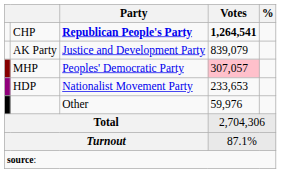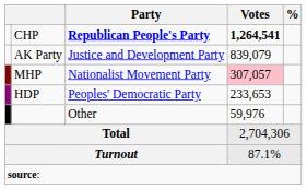 <table class="wikitable">
 <tr>
 <th colspan="2" align="center"></th>
 <th align="center">Party</th>
 <th align="center">Votes</th>
 <th align="center">%</th>
 </tr>
 <tr align="left">
 <td></td>
 <td>CHP</td>
 <td><strong><a href='#'>Republican People's Party</a></strong></td>
 <td><strong>1,264,541</strong></td>
 <td><strong></strong></td>
 </tr>
 <tr align="left">
 <td></td>
 <td>AK Party</td>
 <td><a href='#'>Justice and Development Party</a></td>
 <td>839,079</td>
 <td></td>
 </tr>
 <tr align="left">
 <td bgcolor="#870000" width="1"></td>
 <td>MHP</td>
-<td><a href='#'>Peoples' Democratic Party</a></td>
+<td><a href='#'>Nationalist Movement Party</a></td>
 <td style="background: pink;">307,057</td>
 <td></td>
 </tr>
 <tr align="left">
 <td bgcolor="#91007B" width="1"></td>
 <td>HDP</td>
-<td><a href='#'>Nationalist Movement Party</a></td>
+<td><a href='#'>Peoples' Democratic Party</a></td>
 <td>233,653</td>
 <td></td>
 </tr>
 <tr align="left">
 <td bgcolor=" " width="1"></td>
 <td></td>
 <td>Other</td>
 <td>59,976</td>
 <td></td>
 </tr>
 <tr align="left" style="background-color:#E9E9E9">
 <th colspan="3" align="center"><strong>Total</strong></th>
 <td colspan="5" align="center">2,704,306</td>
 </tr>
 <tr align="left" style="background-color:#E9E9E9">
 <th colspan="3" align="center"><em>Turnout</em></th>
 <td colspan="5" align="center">87.1%</td>
 </tr>
 <tr>
 <td colspan="9" align="left"><small><strong>source</strong>: </small></td>
 </tr>
 </table>
